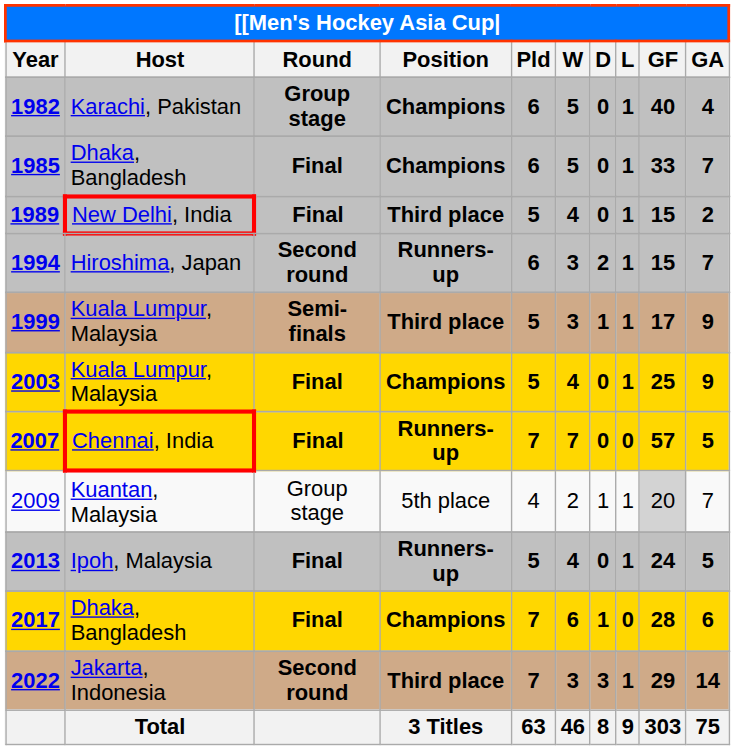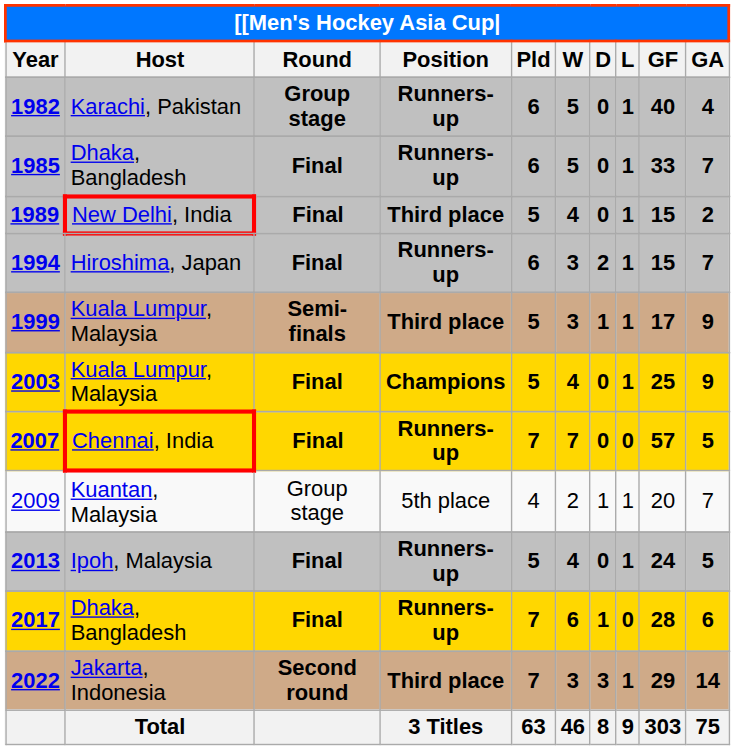 <table class="wikitable" style="text-align: center; width:85%">
 <tr>
 <th colspan=10 style="background: #0077FF;border: 2px solid #ff3300;color: #FFFFFF;">[[Men's Hockey Asia Cup|</th>
 </tr>
 <tr>
 <th>Year</th>
 <th>Host</th>
 <th>Round</th>
 <th>Position</th>
 <th>Pld</th>
 <th>W</th>
 <th>D</th>
 <th>L</th>
 <th>GF</th>
 <th>GA</th>
 </tr>
 <tr>
 </tr>
 <tr bgcolor=silver>
 <td><strong><a href='#'>1982</a></strong></td>
 <td align=left> <a href='#'>Karachi</a>, Pakistan</td>
 <td><strong>Group stage</strong></td>
-<td><strong>Champions</strong></td>
+<td><strong>Runners-up</strong></td>
 <td><strong>6</strong></td>
 <td><strong>5</strong></td>
 <td><strong>0</strong></td>
 <td><strong>1</strong></td>
 <td><strong>40</strong></td>
 <td><strong>4</strong></td>
 </tr>
 <tr>
 </tr>
 <tr bgcolor=silver>
 <td><strong><a href='#'>1985</a></strong></td>
 <td align=left> <a href='#'>Dhaka</a>, Bangladesh</td>
 <td><strong>Final</strong></td>
-<td><strong>Champions</strong></td>
+<td><strong>Runners-up</strong></td>
 <td><strong>6</strong></td>
 <td><strong>5</strong></td>
 <td><strong>0</strong></td>
 <td><strong>1</strong></td>
 <td><strong>33</strong></td>
 <td><strong>7</strong></td>
 </tr>
 <tr>
 </tr>
 <tr bgcolor=silver>
 <td><strong><a href='#'>1989</a></strong></td>
 <td style="border: 3px solid red"align=left> <a href='#'>New Delhi</a>, India</td>
 <td><strong>Final</strong></td>
 <td><strong>Third place</strong></td>
 <td><strong>5</strong></td>
 <td><strong>4</strong></td>
 <td><strong>0</strong></td>
 <td><strong>1</strong></td>
 <td><strong>15</strong></td>
 <td><strong>2</strong></td>
 </tr>
 <tr>
 </tr>
 <tr bgcolor=silver>
 <td><strong><a href='#'>1994</a></strong></td>
 <td align=left> <a href='#'>Hiroshima</a>, Japan</td>
-<td><strong>Second round</strong></td>
+<td><strong>Final</strong></td>
 <td><strong>Runners-up</strong></td>
 <td><strong>6</strong></td>
 <td><strong>3</strong></td>
 <td><strong>2</strong></td>
 <td><strong>1</strong></td>
 <td><strong>15</strong></td>
 <td><strong>7</strong></td>
 </tr>
 <tr>
 </tr>
 <tr bgcolor=#CFAA88>
 <td><strong><a href='#'>1999</a></strong></td>
 <td align=left> <a href='#'>Kuala Lumpur</a>, Malaysia</td>
 <td><strong>Semi-finals</strong></td>
 <td><strong>Third place</strong></td>
 <td><strong>5</strong></td>
 <td><strong>3</strong></td>
 <td><strong>1</strong></td>
 <td><strong>1</strong></td>
 <td><strong>17</strong></td>
 <td><strong>9</strong></td>
 </tr>
 <tr>
 </tr>
 <tr bgcolor=gold>
 <td><strong><a href='#'>2003</a></strong></td>
 <td align=left> <a href='#'>Kuala Lumpur</a>, Malaysia</td>
 <td><strong>Final</strong></td>
 <td><strong>Champions</strong></td>
 <td><strong>5</strong></td>
 <td><strong>4</strong></td>
 <td><strong>0</strong></td>
 <td><strong>1</strong></td>
 <td><strong>25</strong></td>
 <td><strong>9</strong></td>
 </tr>
 <tr>
 </tr>
 <tr bgcolor=gold>
 <td><strong><a href='#'>2007</a></strong></td>
 <td style="border: 3px solid red"align=left> <a href='#'>Chennai</a>, India</td>
 <td><strong>Final</strong></td>
 <td><strong>Runners-up</strong></td>
 <td><strong>7</strong></td>
 <td><strong>7</strong></td>
 <td><strong>0</strong></td>
 <td><strong>0</strong></td>
 <td><strong>57</strong></td>
 <td><strong>5</strong></td>
 </tr>
 <tr>
 <td><a href='#'>2009</a></td>
 <td align=left> <a href='#'>Kuantan</a>, Malaysia</td>
 <td>Group stage</td>
 <td>5th place</td>
 <td>4</td>
 <td>2</td>
 <td>1</td>
 <td>1</td>
-<td style="background: lightgrey;">20</td>
+<td>20</td>
 <td>7</td>
 </tr>
 <tr>
 </tr>
 <tr bgcolor=silver>
 <td><strong><a href='#'>2013</a></strong></td>
 <td align=left> <a href='#'>Ipoh</a>, Malaysia</td>
 <td><strong>Final</strong></td>
 <td><strong>Runners-up</strong></td>
 <td><strong>5</strong></td>
 <td><strong>4</strong></td>
 <td><strong>0</strong></td>
 <td><strong>1</strong></td>
 <td><strong>24</strong></td>
 <td><strong>5</strong></td>
 </tr>
 <tr>
 </tr>
 <tr bgcolor=gold>
 <td><strong><a href='#'>2017</a></strong></td>
 <td align=left> <a href='#'>Dhaka</a>, Bangladesh</td>
 <td><strong>Final</strong></td>
-<td><strong>Champions</strong></td>
+<td><strong>Runners-up</strong></td>
 <td><strong>7</strong></td>
 <td><strong>6</strong></td>
 <td><strong>1</strong></td>
 <td><strong>0</strong></td>
 <td><strong>28</strong></td>
 <td><strong>6</strong></td>
 </tr>
 <tr>
 </tr>
 <tr bgcolor=#CFAA88>
 <td><strong><a href='#'>2022</a></strong></td>
 <td align=left> <a href='#'>Jakarta</a>, Indonesia</td>
 <td><strong>Second round</strong></td>
 <td><strong>Third place</strong></td>
 <td><strong>7</strong></td>
 <td><strong>3</strong></td>
 <td><strong>3</strong></td>
 <td><strong>1</strong></td>
 <td><strong>29</strong></td>
 <td><strong>14</strong></td>
 </tr>
 <tr>
 <th></th>
 <th>Total</th>
 <th></th>
 <th>3 Titles</th>
 <th>63</th>
 <th>46</th>
 <th>8</th>
 <th>9</th>
 <th>303</th>
 <th>75</th>
 </tr>
 </table>
